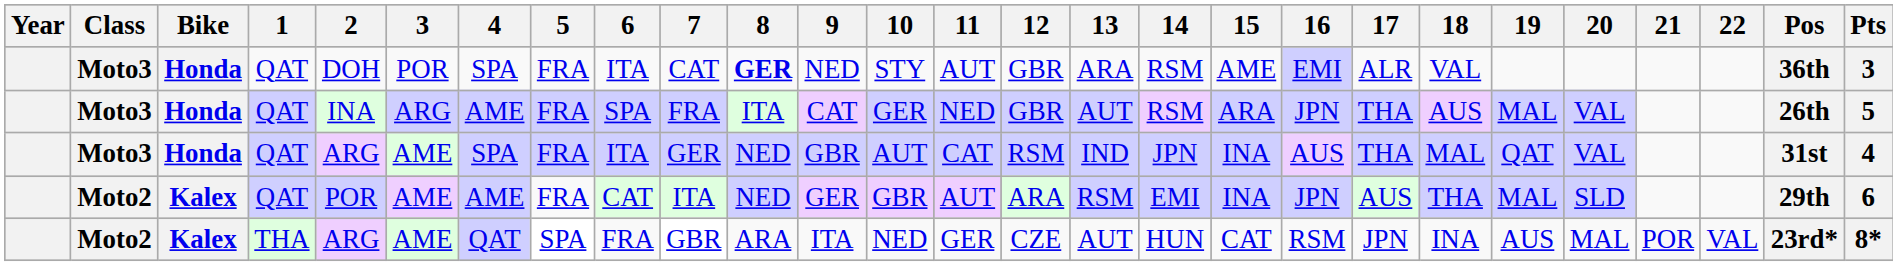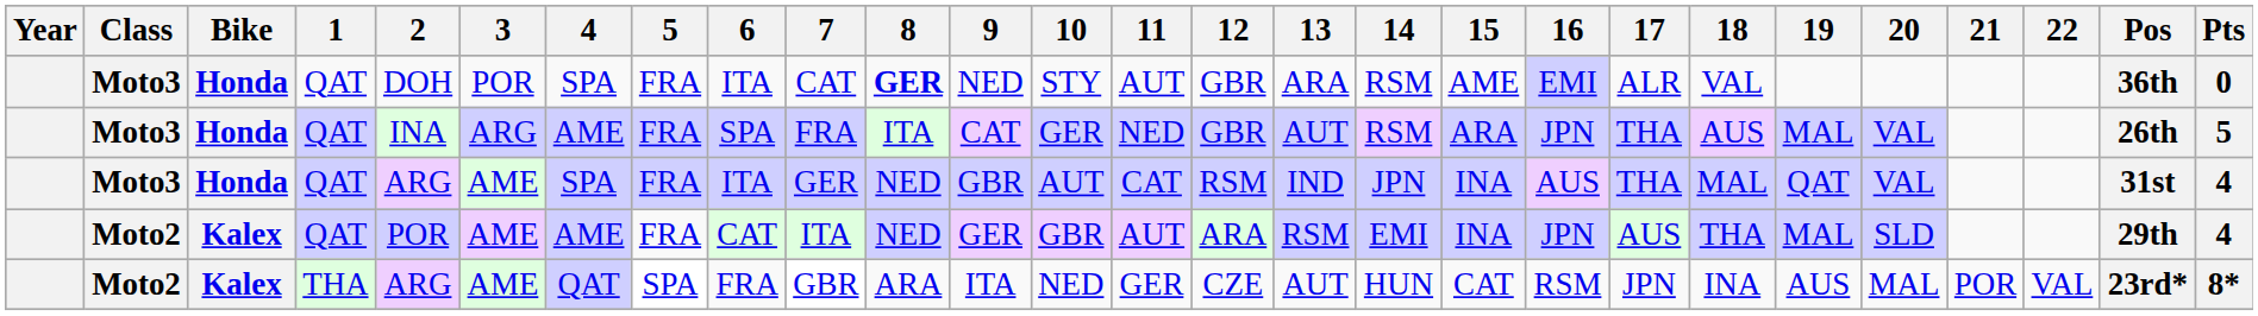 <table class="wikitable" style="text-align:center;">
 <tr>
 <th>Year</th>
 <th>Class</th>
 <th>Bike</th>
 <th>1</th>
 <th>2</th>
 <th>3</th>
 <th>4</th>
 <th>5</th>
 <th>6</th>
 <th>7</th>
 <th>8</th>
 <th>9</th>
 <th>10</th>
 <th>11</th>
 <th>12</th>
 <th>13</th>
 <th>14</th>
 <th>15</th>
 <th>16</th>
 <th>17</th>
 <th>18</th>
 <th>19</th>
 <th>20</th>
 <th>21</th>
 <th>22</th>
 <th>Pos</th>
 <th>Pts</th>
 </tr>
 <tr>
 <th></th>
 <th>Moto3</th>
 <th><a href='#'>Honda</a></th>
 <td><a href='#'>QAT</a></td>
 <td><a href='#'>DOH</a></td>
 <td><a href='#'>POR</a></td>
 <td><a href='#'>SPA</a></td>
 <td><a href='#'>FRA</a></td>
 <td><a href='#'>ITA</a></td>
 <td><a href='#'>CAT</a></td>
 <td><strong><a href='#'>GER</a></strong></td>
 <td><a href='#'>NED</a></td>
 <td><a href='#'>STY</a></td>
 <td><a href='#'>AUT</a></td>
 <td><a href='#'>GBR</a></td>
 <td><a href='#'>ARA</a></td>
 <td><a href='#'>RSM</a></td>
 <td><a href='#'>AME</a></td>
 <td style="background:#cfcfff;"><a href='#'>EMI</a><br></td>
 <td><a href='#'>ALR</a></td>
 <td><a href='#'>VAL</a></td>
 <td></td>
 <td></td>
 <td></td>
 <td></td>
 <th>36th</th>
-<th>3</th>
+<th>0</th>
 </tr>
 <tr>
 <th></th>
 <th>Moto3</th>
 <th><a href='#'>Honda</a></th>
 <td style="background:#cfcfff;"><a href='#'>QAT</a><br></td>
 <td style="background:#dfffdf;"><a href='#'>INA</a><br></td>
 <td style="background:#cfcfff;"><a href='#'>ARG</a><br></td>
 <td style="background:#cfcfff;"><a href='#'>AME</a><br></td>
 <td style="background:#cfcfff;"><a href='#'>FRA</a><br></td>
 <td style="background:#cfcfff;"><a href='#'>SPA</a><br></td>
 <td style="background:#cfcfff;"><a href='#'>FRA</a><br></td>
 <td style="background:#dfffdf;"><a href='#'>ITA</a><br></td>
 <td style="background:#efcfff;"><a href='#'>CAT</a><br></td>
 <td style="background:#cfcfff;"><a href='#'>GER</a><br></td>
 <td style="background:#cfcfff;"><a href='#'>NED</a><br></td>
 <td style="background:#cfcfff;"><a href='#'>GBR</a><br></td>
 <td style="background:#cfcfff;"><a href='#'>AUT</a><br></td>
 <td style="background:#efcfff;"><a href='#'>RSM</a><br></td>
 <td style="background:#cfcfff;"><a href='#'>ARA</a><br></td>
 <td style="background:#cfcfff;"><a href='#'>JPN</a><br></td>
 <td style="background:#cfcfff;"><a href='#'>THA</a><br></td>
 <td style="background:#efcfff;"><a href='#'>AUS</a><br></td>
 <td style="background:#cfcfff;"><a href='#'>MAL</a><br></td>
 <td style="background:#cfcfff;"><a href='#'>VAL</a><br></td>
 <td></td>
 <td></td>
 <th>26th</th>
 <th>5</th>
 </tr>
 <tr>
 <th></th>
 <th>Moto3</th>
 <th><a href='#'>Honda</a></th>
 <td style="background:#cfcfff;"><a href='#'>QAT</a><br></td>
 <td style="background:#efcfff;"><a href='#'>ARG</a><br></td>
 <td style="background:#dfffdf;"><a href='#'>AME</a><br></td>
 <td style="background:#cfcfff;"><a href='#'>SPA</a><br></td>
 <td style="background:#cfcfff;"><a href='#'>FRA</a><br></td>
 <td style="background:#cfcfff;"><a href='#'>ITA</a><br></td>
 <td style="background:#cfcfff;"><a href='#'>GER</a><br></td>
 <td style="background:#cfcfff;"><a href='#'>NED</a><br></td>
 <td style="background:#cfcfff;"><a href='#'>GBR</a><br></td>
 <td style="background:#cfcfff;"><a href='#'>AUT</a><br></td>
 <td style="background:#cfcfff;"><a href='#'>CAT</a><br></td>
 <td style="background:#cfcfff;"><a href='#'>RSM</a><br></td>
 <td style="background:#cfcfff;"><a href='#'>IND</a><br></td>
 <td style="background:#cfcfff;"><a href='#'>JPN</a><br></td>
 <td style="background:#cfcfff;"><a href='#'>INA</a><br></td>
 <td style="background:#efcfff;"><a href='#'>AUS</a><br></td>
 <td style="background:#cfcfff;"><a href='#'>THA</a><br></td>
 <td style="background:#cfcfff;"><a href='#'>MAL</a><br></td>
 <td style="background:#cfcfff;"><a href='#'>QAT</a><br></td>
 <td style="background:#cfcfff;"><a href='#'>VAL</a><br></td>
 <td></td>
 <td></td>
 <th>31st</th>
 <th>4</th>
 </tr>
 <tr>
 <th></th>
 <th>Moto2</th>
 <th><a href='#'>Kalex</a></th>
 <td style="background:#CFCFFF;"><a href='#'>QAT</a><br></td>
 <td style="background:#CFCFFF;"><a href='#'>POR</a><br></td>
 <td style="background:#EFCFFF;"><a href='#'>AME</a><br></td>
 <td style="background:#cfcfff;"><a href='#'>AME</a><br></td>
 <td><a href='#'>FRA</a></td>
 <td style="background:#DFFFDF;"><a href='#'>CAT</a><br></td>
 <td style="background:#DFFFDF;"><a href='#'>ITA</a><br></td>
 <td style="background:#CFCFFF;"><a href='#'>NED</a><br></td>
 <td style="background:#EFCFFF;"><a href='#'>GER</a><br></td>
 <td style="background:#EFCFFF;"><a href='#'>GBR</a><br></td>
 <td style="background:#EFCFFF;"><a href='#'>AUT</a><br></td>
 <td style="background:#DFFFDF;"><a href='#'>ARA</a><br></td>
 <td style="background:#CFCFFF;"><a href='#'>RSM</a><br></td>
 <td style="background:#CFCFFF;"><a href='#'>EMI</a><br></td>
 <td style="background:#CFCFFF;"><a href='#'>INA</a><br></td>
 <td style="background:#CFCFFF;"><a href='#'>JPN</a><br></td>
 <td style="background:#DFFFDF;"><a href='#'>AUS</a><br></td>
 <td style="background:#CFCFFF;"><a href='#'>THA</a><br></td>
 <td style="background:#CFCFFF;"><a href='#'>MAL</a><br></td>
 <td style="background:#CFCFFF;"><a href='#'>SLD</a><br></td>
 <td></td>
 <td></td>
 <th>29th</th>
-<th>6</th>
+<th>4</th>
 </tr>
 <tr>
 <th></th>
 <th>Moto2</th>
 <th><a href='#'>Kalex</a></th>
 <td style="background:#DFFFDF;"><a href='#'>THA</a><br></td>
 <td style="background:#EFCFFF;"><a href='#'>ARG</a><br></td>
 <td style="background:#DFFFDF;"><a href='#'>AME</a><br></td>
 <td style="background:#CFCFFF;"><a href='#'>QAT</a><br></td>
 <td style="background:#FFFFFF;"><a href='#'>SPA</a><br></td>
 <td><a href='#'>FRA</a></td>
 <td style="background:#FFFFFF;"><a href='#'>GBR</a><br></td>
 <td style="background:#;"><a href='#'>ARA</a><br></td>
 <td style="background:#;"><a href='#'>ITA</a><br></td>
 <td style="background:#;"><a href='#'>NED</a><br></td>
 <td style="background:#;"><a href='#'>GER</a><br></td>
 <td style="background:#;"><a href='#'>CZE</a><br></td>
 <td style="background:#;"><a href='#'>AUT</a><br></td>
 <td style="background:#;"><a href='#'>HUN</a><br></td>
 <td style="background:#;"><a href='#'>CAT</a><br></td>
 <td style="background:#;"><a href='#'>RSM</a><br></td>
 <td style="background:#;"><a href='#'>JPN</a><br></td>
 <td style="background:#;"><a href='#'>INA</a><br></td>
 <td style="background:#;"><a href='#'>AUS</a><br></td>
 <td style="background:#;"><a href='#'>MAL</a><br></td>
 <td style="background:#;"><a href='#'>POR</a><br></td>
 <td style="background:#;"><a href='#'>VAL</a><br></td>
 <th>23rd*</th>
 <th>8*</th>
 </tr>
 </table>
